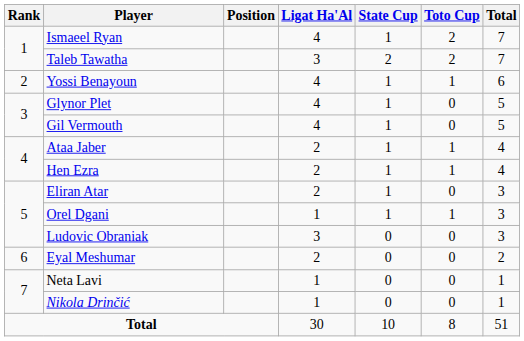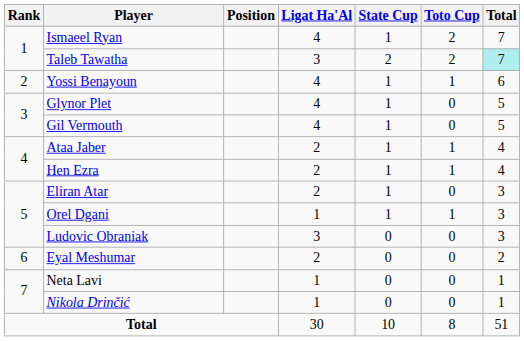 <table class="wikitable">
 <tr>
 <th>Rank</th>
 <th style="width:200px;">Player</th>
 <th>Position</th>
 <th><a href='#'>Ligat Ha'Al</a></th>
 <th><a href='#'>State Cup</a></th>
 <th><a href='#'>Toto Cup</a></th>
 <th>Total</th>
 </tr>
 <tr>
 <td align=center rowspan=2>1</td>
 <td> <a href='#'>Ismaeel Ryan</a></td>
 <td align=center></td>
 <td align=center>4</td>
 <td align=center>1</td>
 <td align=center>2</td>
 <td align=center>7</td>
 </tr>
 <tr>
 <td> <a href='#'>Taleb Tawatha</a></td>
 <td align=center></td>
 <td align=center>3</td>
 <td align=center>2</td>
 <td align=center>2</td>
-<td align=center>7</td>
+<td align=center style="background: paleturquoise;">7</td>
 </tr>
 <tr>
 <td align=center>2</td>
 <td> <a href='#'>Yossi Benayoun</a></td>
 <td align=center></td>
 <td align=center>4</td>
 <td align=center>1</td>
 <td align=center>1</td>
 <td align=center>6</td>
 </tr>
 <tr>
 <td align=center rowspan=2>3</td>
 <td> <a href='#'>Glynor Plet</a></td>
 <td align=center></td>
 <td align=center>4</td>
 <td align=center>1</td>
 <td align=center>0</td>
 <td align=center>5</td>
 </tr>
 <tr>
 <td> <a href='#'>Gil Vermouth</a></td>
 <td align=center></td>
 <td align=center>4</td>
 <td align=center>1</td>
 <td align=center>0</td>
 <td align=center>5</td>
 </tr>
 <tr>
 <td align=center rowspan=2>4</td>
 <td> <a href='#'>Ataa Jaber</a></td>
 <td align=center></td>
 <td align=center>2</td>
 <td align=center>1</td>
 <td align=center>1</td>
 <td align=center>4</td>
 </tr>
 <tr>
 <td> <a href='#'>Hen Ezra</a></td>
 <td align=center></td>
 <td align=center>2</td>
 <td align=center>1</td>
 <td align=center>1</td>
 <td align=center>4</td>
 </tr>
 <tr>
 <td align=center rowspan=3>5</td>
 <td> <a href='#'>Eliran Atar</a></td>
 <td align=center></td>
 <td align=center>2</td>
 <td align=center>1</td>
 <td align=center>0</td>
 <td align=center>3</td>
 </tr>
 <tr>
 <td> <a href='#'>Orel Dgani</a></td>
 <td align=center></td>
 <td align=center>1</td>
 <td align=center>1</td>
 <td align=center>1</td>
 <td align=center>3</td>
 </tr>
 <tr>
 <td> <a href='#'>Ludovic Obraniak</a></td>
 <td align=center></td>
 <td align=center>3</td>
 <td align=center>0</td>
 <td align=center>0</td>
 <td align=center>3</td>
 </tr>
 <tr>
 <td align=center>6</td>
 <td> <a href='#'>Eyal Meshumar</a></td>
 <td align=center></td>
 <td align=center>2</td>
 <td align=center>0</td>
 <td align=center>0</td>
 <td align=center>2</td>
 </tr>
 <tr>
 <td align=center rowspan=2>7</td>
 <td> Neta Lavi</td>
 <td align=center></td>
 <td align=center>1</td>
 <td align=center>0</td>
 <td align=center>0</td>
 <td align=center>1</td>
 </tr>
 <tr>
 <td> <em><a href='#'>Nikola Drinčić</a></em></td>
 <td align=center></td>
 <td align=center>1</td>
 <td align=center>0</td>
 <td align=center>0</td>
 <td align=center>1</td>
 </tr>
 <tr>
 <td align=center colspan=3><strong>Total</strong></td>
 <td align=center>30</td>
 <td align=center>10</td>
 <td align=center>8</td>
 <td align=center>51</td>
 </tr>
 </table>
